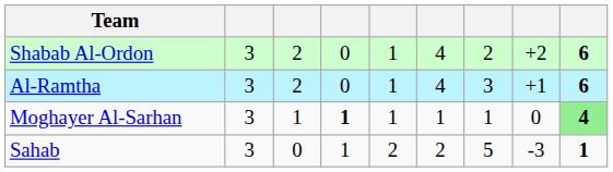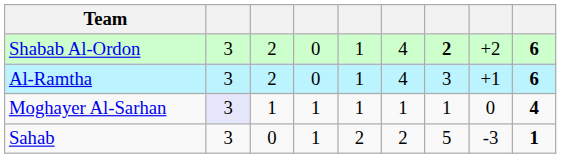 <table class="wikitable" style="text-align: center;">
 <tr>
 <th width="165">Team</th>
 <th width="30"></th>
 <th width="30"></th>
 <th width="30"></th>
 <th width="30"></th>
 <th width="30"></th>
 <th width="30"></th>
 <th width="30"></th>
 <th width="30"></th>
 </tr>
 <tr bgcolor="#ccffcc">
 <td align="left"><a href='#'>Shabab Al-Ordon</a></td>
 <td>3</td>
 <td>2</td>
 <td>0</td>
 <td>1</td>
 <td>4</td>
-<td>2</td>
+<td><strong>2</strong></td>
 <td>+2</td>
 <td><strong>6</strong></td>
 </tr>
 <tr bgcolor="#bbf3ff">
 <td align="left"><a href='#'>Al-Ramtha</a></td>
 <td>3</td>
 <td>2</td>
 <td>0</td>
 <td>1</td>
 <td>4</td>
 <td>3</td>
 <td>+1</td>
 <td><strong>6</strong></td>
 </tr>
 <tr>
 <td align="left"><a href='#'>Moghayer Al-Sarhan</a></td>
-<td>3</td>
+<td style="background: lavender;">3</td>
 <td>1</td>
-<td><strong>1</strong></td>
+<td>1</td>
 <td>1</td>
 <td>1</td>
 <td>1</td>
 <td>0</td>
-<td style="background: lightgreen;"><strong>4</strong></td>
+<td><strong>4</strong></td>
 </tr>
 <tr>
 <td align="left"><a href='#'>Sahab</a></td>
 <td>3</td>
 <td>0</td>
 <td>1</td>
 <td>2</td>
 <td>2</td>
 <td>5</td>
 <td>-3</td>
 <td><strong>1</strong></td>
 </tr>
 </table>
